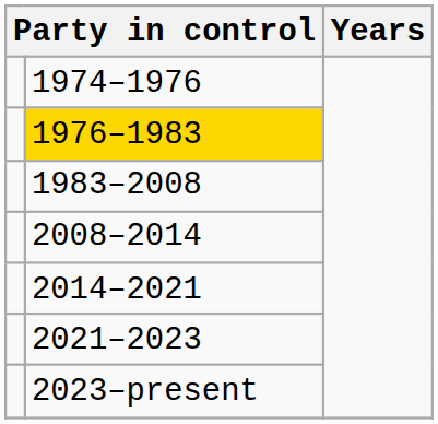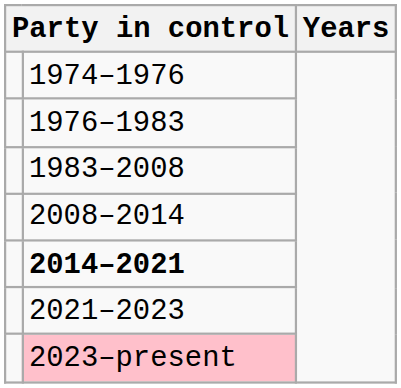 <table class="wikitable">
 <tr>
 <th colspan=2>Party in control</th>
 <th>Years</th>
 </tr>
 <tr>
 <td></td>
 <td>1974–1976</td>
 </tr>
 <tr>
 <td></td>
-<td style="background: gold;">1976–1983</td>
+<td>1976–1983</td>
 </tr>
 <tr>
 <td></td>
 <td>1983–2008</td>
 </tr>
 <tr>
 <td></td>
 <td>2008–2014</td>
 </tr>
 <tr>
 <td></td>
-<td>2014–2021</td>
+<td><strong>2014–2021</strong></td>
 </tr>
 <tr>
 <td></td>
 <td>2021–2023</td>
 </tr>
 <tr>
 <td></td>
-<td>2023–present</td>
+<td style="background: pink;">2023–present</td>
 </tr>
 </table>
